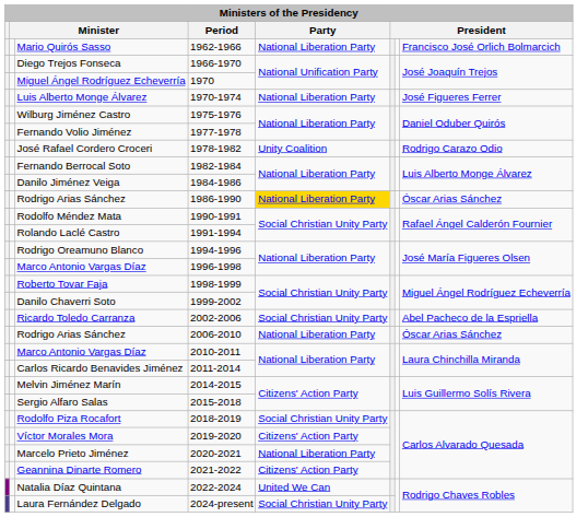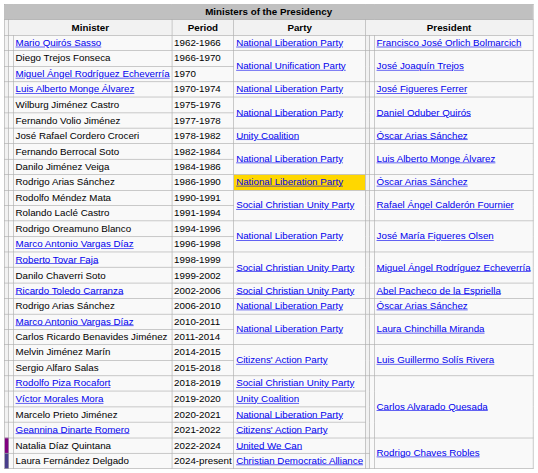 <table class="wikitable">
 <tr>
 <th colspan=9 style="background:#C0C0C0; color:#000000">Ministers of the Presidency</th>
 </tr>
 <tr>
 <th></th>
 <th colspan=2>Minister</th>
 <th>Period</th>
 <th>Party</th>
 <th colspan=3>President</th>
 </tr>
 <tr>
 <th style="background:"></th>
 <td></td>
 <td><a href='#'>Mario Quirós Sasso</a></td>
 <td>1962-1966</td>
 <td><a href='#'>National Liberation Party</a></td>
 <th style="background:"></th>
 <td></td>
 <td><a href='#'>Francisco José Orlich Bolmarcich</a></td>
 </tr>
 <tr>
 <th style="background:"></th>
 <td></td>
 <td>Diego Trejos Fonseca</td>
 <td>1966-1970</td>
 <td rowspan=2><a href='#'>National Unification Party</a></td>
 <th rowspan=2 style="background:"></th>
 <td rowspan=2></td>
 <td rowspan=2><a href='#'>José Joaquín Trejos</a></td>
 </tr>
 <tr>
 <th style="background:"></th>
 <td></td>
 <td><a href='#'>Miguel Ángel Rodríguez Echeverría</a></td>
 <td>1970</td>
 </tr>
 <tr>
 <th style="background:"></th>
 <td></td>
 <td><a href='#'>Luis Alberto Monge Álvarez</a></td>
 <td>1970-1974</td>
 <td><a href='#'>National Liberation Party</a></td>
 <th style="background:"></th>
 <td></td>
 <td><a href='#'>José Figueres Ferrer</a></td>
 </tr>
 <tr>
 <th style="background:"></th>
 <td></td>
 <td>Wilburg Jiménez Castro</td>
 <td>1975-1976</td>
 <td rowspan=2><a href='#'>National Liberation Party</a></td>
 <th rowspan=2 style="background:"></th>
 <td rowspan=2></td>
 <td rowspan=2><a href='#'>Daniel Oduber Quirós</a></td>
 </tr>
 <tr>
 <th style="background:"></th>
 <td></td>
 <td>Fernando Volio Jiménez</td>
 <td>1977-1978</td>
 </tr>
 <tr>
 <th ! style="background:"></th>
 <td></td>
 <td>José Rafael Cordero Croceri</td>
 <td>1978-1982</td>
 <td><a href='#'>Unity Coalition</a></td>
 <th style="background:"></th>
 <td></td>
-<td><a href='#'>Rodrigo Carazo Odio</a></td>
+<td><a href='#'>Óscar Arias Sánchez</a></td>
 </tr>
 <tr>
 <th style="background:"></th>
 <td></td>
 <td>Fernando Berrocal Soto</td>
 <td>1982-1984</td>
 <td rowspan=2><a href='#'>National Liberation Party</a></td>
 <th rowspan=2 style="background:"></th>
 <td rowspan=2></td>
 <td rowspan=2><a href='#'>Luis Alberto Monge Álvarez</a></td>
 </tr>
 <tr>
 <th style="background:"></th>
 <td></td>
 <td>Danilo Jiménez Veiga</td>
 <td>1984-1986</td>
 </tr>
 <tr>
 <th style="background:"></th>
 <td></td>
 <td>Rodrigo Arias Sánchez</td>
 <td>1986-1990</td>
 <td style="background: gold;"><a href='#'>National Liberation Party</a></td>
 <th style="background:"></th>
 <td></td>
 <td><a href='#'>Óscar Arias Sánchez</a></td>
 </tr>
 <tr>
 <th style="background:"></th>
 <td></td>
 <td>Rodolfo Méndez Mata</td>
 <td>1990-1991</td>
 <td rowspan=2><a href='#'>Social Christian Unity Party</a></td>
 <th rowspan=2 style="background:"></th>
 <td rowspan=2></td>
 <td rowspan=2><a href='#'>Rafael Ángel Calderón Fournier</a></td>
 </tr>
 <tr>
 <th style="background:"></th>
 <td></td>
 <td>Rolando Laclé Castro</td>
 <td>1991-1994</td>
 </tr>
 <tr>
 <th style="background:"></th>
 <td></td>
 <td>Rodrigo Oreamuno Blanco</td>
 <td>1994-1996</td>
 <td rowspan=2><a href='#'>National Liberation Party</a></td>
 <th rowspan=2 style="background:"></th>
 <td rowspan=2></td>
 <td rowspan=2><a href='#'>José María Figueres Olsen</a></td>
 </tr>
 <tr>
 <th style="background:"></th>
 <td></td>
 <td><a href='#'>Marco Antonio Vargas Díaz</a></td>
 <td>1996-1998</td>
 </tr>
 <tr>
 <th style="background:"></th>
 <td></td>
 <td><a href='#'>Roberto Tovar Faja</a></td>
 <td>1998-1999</td>
 <td rowspan=2><a href='#'>Social Christian Unity Party</a></td>
 <th rowspan=2 style="background:"></th>
 <td rowspan=2></td>
 <td rowspan=2><a href='#'>Miguel Ángel Rodríguez Echeverría</a></td>
 </tr>
 <tr>
 <th style="background:"></th>
 <td></td>
 <td>Danilo Chaverri Soto</td>
 <td>1999-2002</td>
 </tr>
 <tr>
 <th style="background:"></th>
 <td></td>
 <td><a href='#'>Ricardo Toledo Carranza</a></td>
 <td>2002-2006</td>
 <td><a href='#'>Social Christian Unity Party</a></td>
 <th style="background:"></th>
 <td></td>
 <td><a href='#'>Abel Pacheco de la Espriella</a></td>
 </tr>
 <tr>
 <th style="background:"></th>
 <td></td>
 <td>Rodrigo Arias Sánchez</td>
 <td>2006-2010</td>
 <td><a href='#'>National Liberation Party</a></td>
 <th style="background:"></th>
 <td></td>
 <td><a href='#'>Óscar Arias Sánchez</a></td>
 </tr>
 <tr>
 <th style="background:"></th>
 <td></td>
 <td><a href='#'>Marco Antonio Vargas Díaz</a></td>
 <td>2010-2011</td>
 <td rowspan=2><a href='#'>National Liberation Party</a></td>
 <th rowspan=2 style="background:"></th>
 <td rowspan=2></td>
 <td rowspan=2><a href='#'>Laura Chinchilla Miranda</a></td>
 </tr>
 <tr>
 <th style="background:"></th>
 <td></td>
 <td>Carlos Ricardo Benavides Jiménez</td>
 <td>2011-2014</td>
 </tr>
 <tr>
 <th style="background:"></th>
 <td></td>
 <td>Melvin Jiménez Marín</td>
 <td>2014-2015</td>
 <td rowspan=2><a href='#'>Citizens' Action Party</a></td>
 <th rowspan=2 style="background:"></th>
 <td rowspan=2></td>
 <td rowspan=2><a href='#'>Luis Guillermo Solís Rivera</a></td>
 </tr>
 <tr>
 <th style="background:"></th>
 <td></td>
 <td>Sergio Alfaro Salas</td>
 <td>2015-2018</td>
 </tr>
 <tr>
 <th style="background:"></th>
 <td></td>
 <td><a href='#'>Rodolfo Piza Rocafort</a></td>
 <td>2018-2019</td>
 <td><a href='#'>Social Christian Unity Party</a></td>
 <th rowspan=4 style="background:"></th>
 <td rowspan=4></td>
 <td rowspan=4><a href='#'>Carlos Alvarado Quesada</a></td>
 </tr>
 <tr>
 <th style="background:"></th>
 <td></td>
 <td><a href='#'>Víctor Morales Mora</a></td>
 <td>2019-2020</td>
-<td><a href='#'>Citizens' Action Party</a></td>
+<td><a href='#'>Unity Coalition</a></td>
 </tr>
 <tr>
 <th style="background:"></th>
 <td></td>
 <td>Marcelo Prieto Jiménez</td>
 <td>2020-2021</td>
 <td><a href='#'>National Liberation Party</a></td>
 </tr>
 <tr>
 <th style="background:"></th>
 <td></td>
 <td><a href='#'>Geannina Dinarte Romero</a></td>
 <td>2021-2022</td>
 <td><a href='#'>Citizens' Action Party</a></td>
 </tr>
 <tr>
 <th style="background:purple"></th>
 <td></td>
 <td>Natalia Díaz Quintana</td>
 <td>2022-2024</td>
 <td><a href='#'>United We Can</a></td>
 <th style="background:"></th>
 <td rowspan=2></td>
 <td rowspan=2><a href='#'>Rodrigo Chaves Robles</a></td>
 </tr>
 <tr>
 <th style="background:#483d8b"></th>
 <td></td>
 <td>Laura Fernández Delgado</td>
 <td>2024-present</td>
-<td><a href='#'>Social Christian Unity Party</a></td>
+<td><a href='#'>Christian Democratic Alliance</a></td>
 <th style="background:"></th>
 </tr>
 </table>
